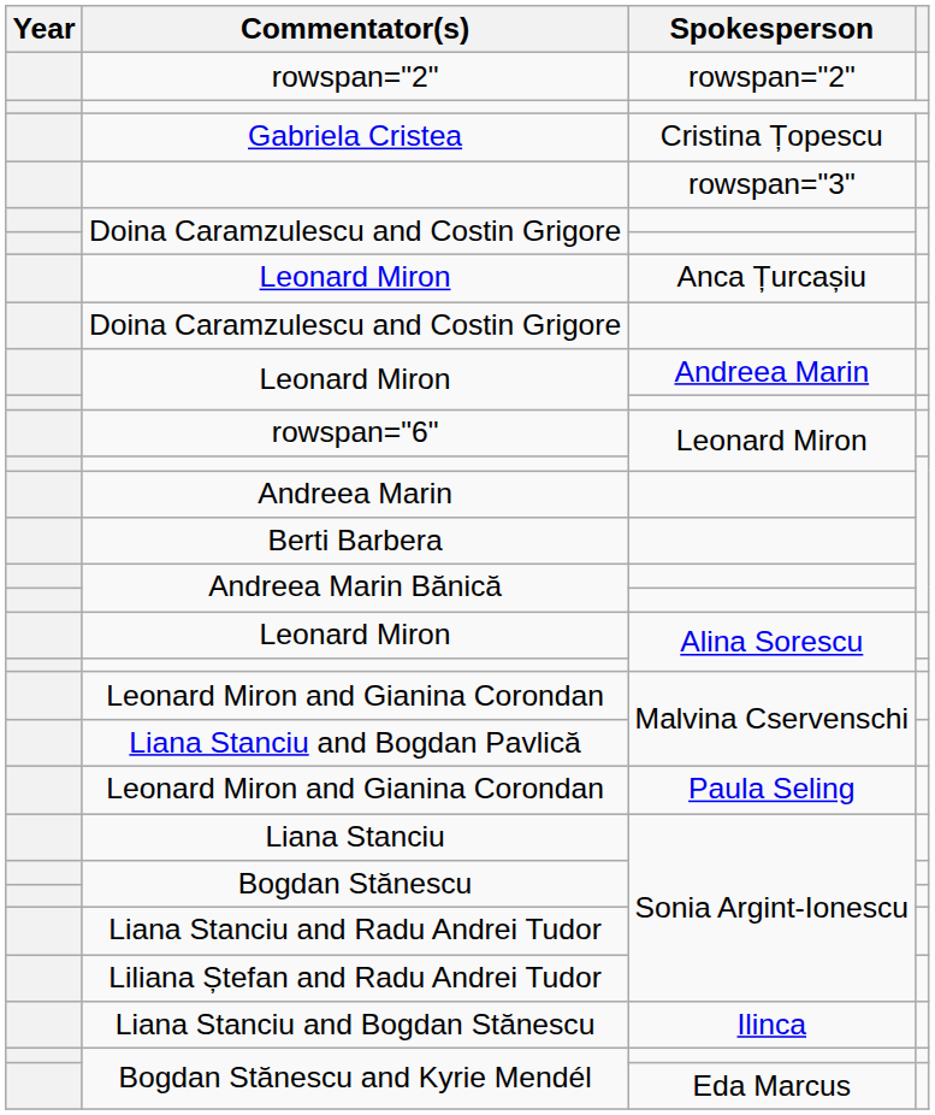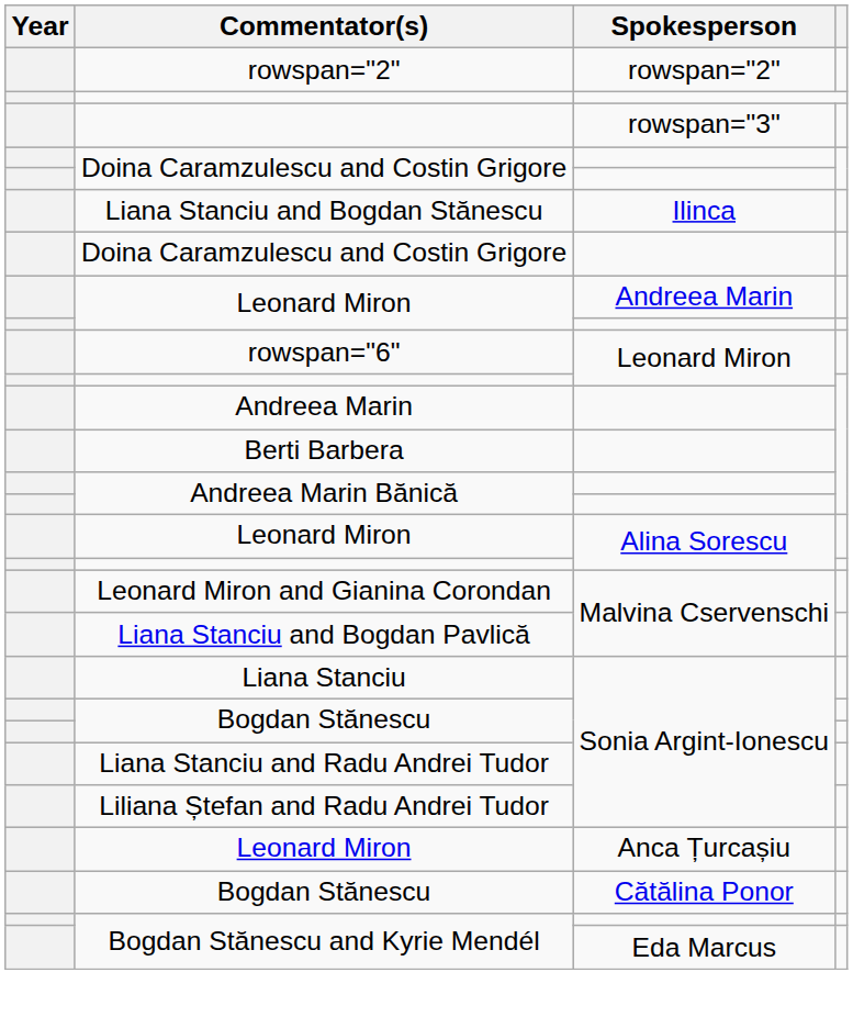 <table class="wikitable plainrowheaders unsortable" style="text-align:center">
 <tr>
 <th scope="col">Year</th>
 <th scope="col">Commentator(s)</th>
 <th scope="col">Spokesperson</th>
 <th scope="col"></th>
 </tr>
 <tr>
 <th scope="row" style="text-align:center;"></th>
 <td>rowspan="2" </td>
 <td>rowspan="2" </td>
 <td></td>
 </tr>
 <tr>
 <th scope="row" style="text-align:center;"></th>
 <td></td>
 </tr>
 <tr>
 <th scope="row" style="text-align:center;"></th>
-<td><a href='#'>Gabriela Cristea</a></td>
-<td>Cristina Țopescu</td>
-<td></td>
-</tr>
-<tr>
-<th scope="row" style="text-align:center;"></th>
 <td></td>
 <td>rowspan="3" </td>
 <td></td>
 </tr>
 <tr>
 <th scope="row" style="text-align:center;"></th>
 <td rowspan="2">Doina Caramzulescu and Costin Grigore</td>
 <td></td>
 </tr>
 <tr>
 <th scope="row" style="text-align:center;"></th>
 <td></td>
 </tr>
 <tr>
 <th scope="row" style="text-align:center;"></th>
-<td><a href='#'>Leonard Miron</a></td>
-<td>Anca Țurcașiu</td>
+<td>Liana Stanciu and Bogdan Stănescu</td>
+<td><a href='#'>Ilinca</a></td>
 <td></td>
 </tr>
 <tr>
 <th scope="row" style="text-align:center;"></th>
 <td>Doina Caramzulescu and Costin Grigore</td>
 <td></td>
 <td></td>
 </tr>
 <tr>
 <th scope="row" style="text-align:center;"></th>
 <td rowspan="2">Leonard Miron</td>
 <td><a href='#'>Andreea Marin</a></td>
 <td></td>
 </tr>
 <tr>
 <th scope="row" style="text-align:center;"></th>
 <td></td>
 <td></td>
 </tr>
 <tr>
 <th scope="row" style="text-align:center;"></th>
 <td>rowspan="6" </td>
 <td rowspan="2">Leonard Miron</td>
 <td></td>
 </tr>
 <tr>
 <th scope="row" style="text-align:center;"></th>
 <td></td>
 </tr>
 <tr>
 <th scope="row" style="text-align:center;"></th>
 <td>Andreea Marin</td>
 <td></td>
 </tr>
 <tr>
 <th scope="row" style="text-align:center;"></th>
 <td>Berti Barbera</td>
 <td></td>
 </tr>
 <tr>
 <th scope="row" style="text-align:center;"></th>
 <td rowspan="2">Andreea Marin Bănică</td>
 <td></td>
 </tr>
 <tr>
 <th scope="row" style="text-align:center;"></th>
 <td></td>
 </tr>
 <tr>
 <th scope="row" style="text-align:center;"></th>
 <td>Leonard Miron</td>
 <td rowspan="2"><a href='#'>Alina Sorescu</a></td>
 <td></td>
 </tr>
 <tr>
 <th scope="row" style="text-align:center;"></th>
 <td></td>
 <td></td>
 </tr>
 <tr>
 <th scope="row" style="text-align:center;"></th>
 <td>Leonard Miron and Gianina Corondan</td>
 <td rowspan="2">Malvina Cservenschi</td>
 <td></td>
 </tr>
 <tr>
 <th scope="row" style="text-align:center;"></th>
 <td><a href='#'>Liana Stanciu</a> and Bogdan Pavlică</td>
 <td></td>
 </tr>
 <tr>
 <th scope="row" style="text-align:center;"></th>
-<td>Leonard Miron and Gianina Corondan</td>
-<td><a href='#'>Paula Seling</a></td>
-<td></td>
-</tr>
-<tr>
-<th scope="row" style="text-align:center;"></th>
 <td>Liana Stanciu</td>
 <td rowspan="5">Sonia Argint-Ionescu</td>
 <td></td>
 </tr>
 <tr>
 <th scope="row" style="text-align:center;"></th>
 <td rowspan="2">Bogdan Stănescu</td>
 <td></td>
 </tr>
 <tr>
 <th scope="row" style="text-align:center;"></th>
 <td></td>
 </tr>
 <tr>
 <th scope="row" style="text-align:center;"></th>
 <td>Liana Stanciu and Radu Andrei Tudor</td>
 <td></td>
 </tr>
 <tr>
 <th scope="row" style="text-align:center;"></th>
 <td>Liliana Ștefan and Radu Andrei Tudor</td>
 <td></td>
 </tr>
 <tr>
 <th scope="row" style="text-align:center;"></th>
-<td>Liana Stanciu and Bogdan Stănescu</td>
-<td><a href='#'>Ilinca</a></td>
+<td><a href='#'>Leonard Miron</a></td>
+<td>Anca Țurcașiu</td>
+<td></td>
+</tr>
+<tr>
+<th scope="row" style="text-align:center;"></th>
+<td>Bogdan Stănescu</td>
+<td><a href='#'>Cătălina Ponor</a></td>
 <td></td>
 </tr>
 <tr>
 <th scope="row" style="text-align:center;"></th>
 <td rowspan="2">Bogdan Stănescu and Kyrie Mendél</td>
 <td></td>
 <td></td>
 </tr>
 <tr>
 <th scope="row" style="text-align:center;"></th>
 <td>Eda Marcus</td>
 <td></td>
 </tr>
 </table>
